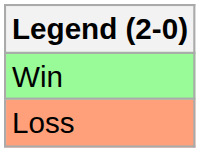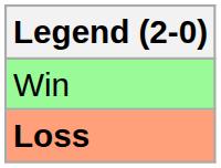 <table class="wikitable"  style="font-size:89%;">
 <tr>
 <th>Legend (2-0)</th>
 </tr>
 <tr style="background:#98fb98;"|Win>
 <td>Win</td>
 </tr>
 <tr style="background:#ffa07a;"|Loss>
-<td>Loss</td>
+<td><strong>Loss</strong></td>
 </tr>
 </table>
